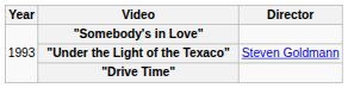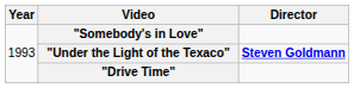 <table class="wikitable plainrowheaders">
 <tr>
 <th>Year</th>
 <th style="width:16em;">Video</th>
 <th>Director</th>
 </tr>
 <tr>
 <td rowspan="3">1993</td>
 <th scope="row">"Somebody's in Love"</th>
 <td></td>
 </tr>
 <tr>
 <th scope="row">"Under the Light of the Texaco"</th>
-<td><a href='#'>Steven Goldmann</a></td>
+<td><strong><a href='#'>Steven Goldmann</a></strong></td>
 </tr>
 <tr>
 <th scope="row">"Drive Time"</th>
 <td></td>
 </tr>
 </table>
